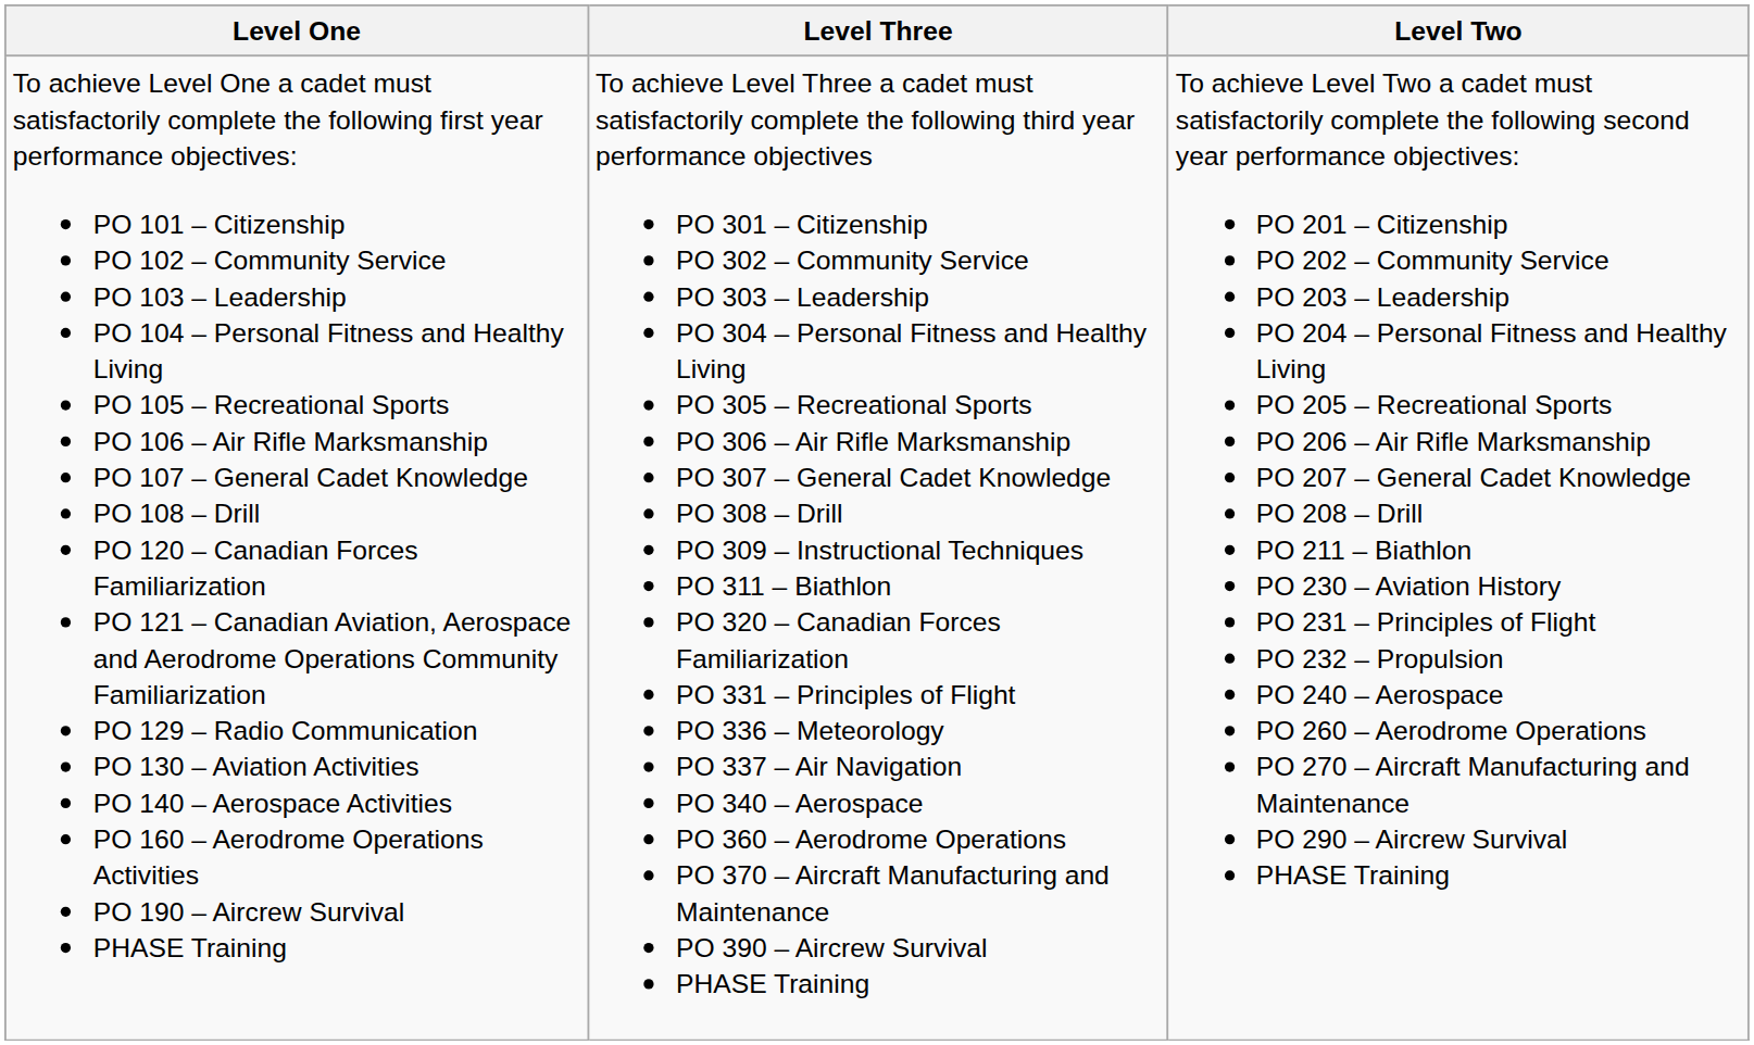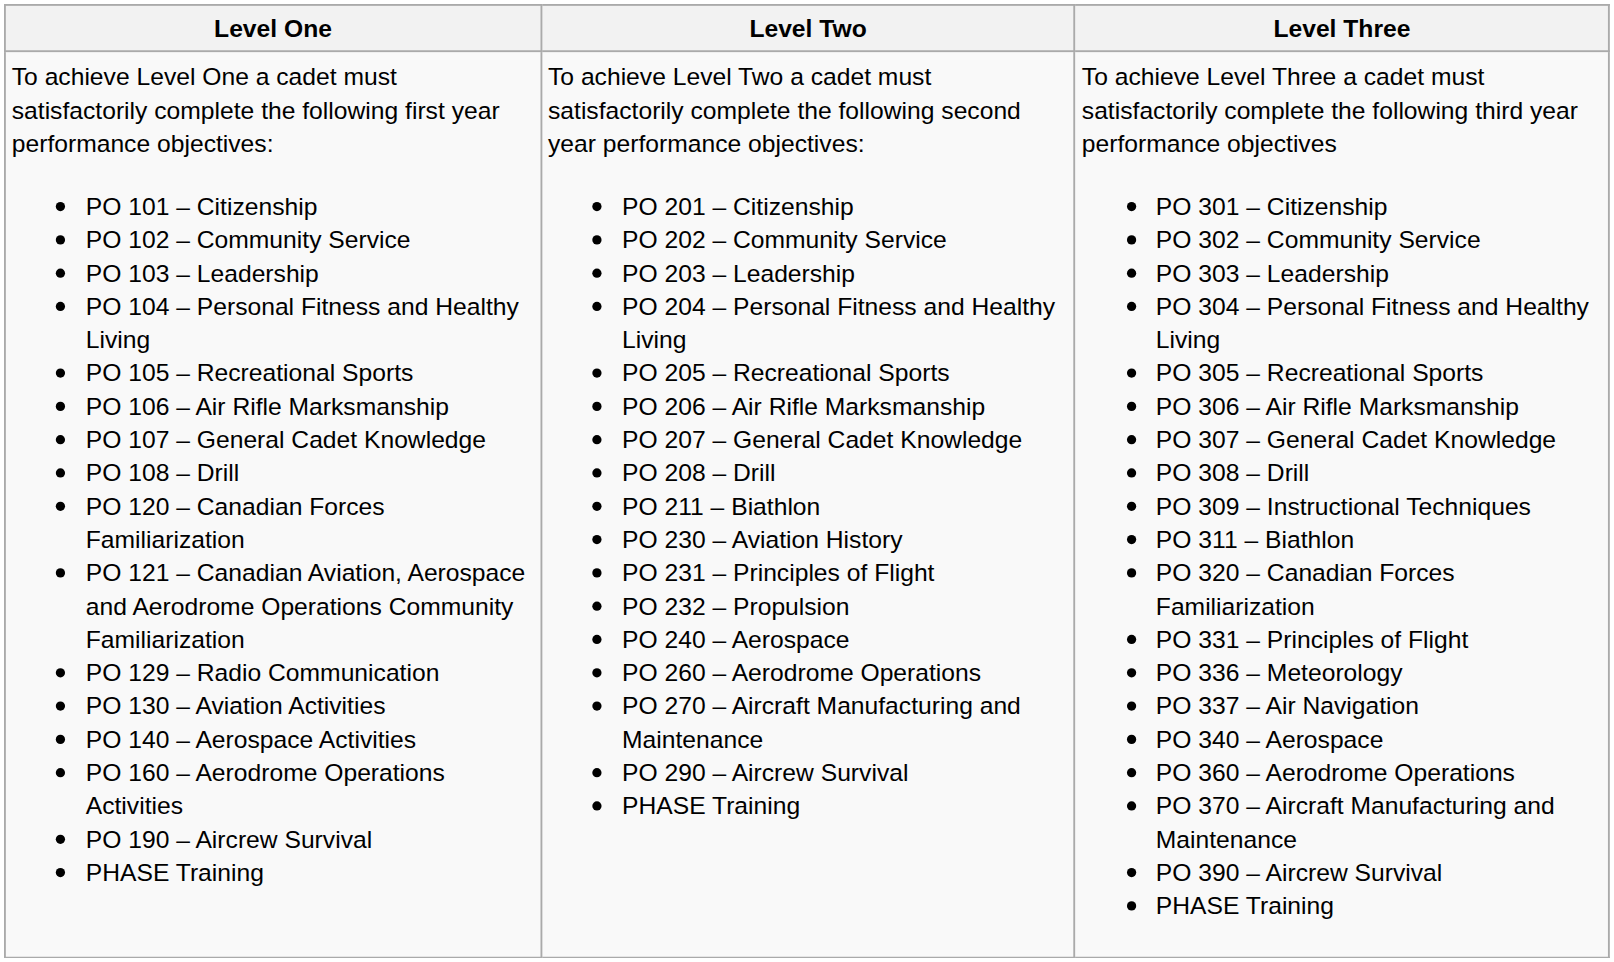 <table class="wikitable">
 <tr>
 <th style="text-align:center; width:325px;"><small>Level One</small></th>
+<th style="width:325px;"><small>Level Two</small></th>
 <th style="width:325px;"><small>Level Three</small></th>
-<th style="width:325px;"><small>Level Two</small></th>
 </tr>
 <tr>
 <td valign="top"><small> To achieve Level One a cadet must satisfactorily complete the following first year performance objectives:</small><br><ul><li><small>PO 101 – Citizenship</small></li><li><small>PO 102 – Community Service</small></li><li><small>PO 103 – Leadership</small></li><li><small>PO 104 – Personal Fitness and Healthy Living</small></li><li><small>PO 105 – Recreational Sports</small></li><li><small>PO 106 – Air Rifle Marksmanship</small></li><li><small>PO 107 – General Cadet Knowledge</small></li><li><small>PO 108 – Drill</small></li><li><small>PO 120 – Canadian Forces Familiarization</small></li><li><small>PO 121 – Canadian Aviation, Aerospace and Aerodrome Operations Community Familiarization</small></li><li><small>PO 129 – Radio Communication</small></li><li><small>PO 130 – Aviation Activities</small></li><li><small>PO 140 – Aerospace Activities</small></li><li><small>PO 160 – Aerodrome Operations Activities</small></li><li><small>PO 190 – Aircrew Survival</small></li><li><small>PHASE Training</small></li></ul></td>
+<td valign="top"><small>To achieve Level Two a cadet must satisfactorily complete the following second year performance objectives:</small><br><ul><li><small>PO 201 – Citizenship</small></li><li><small>PO 202 – Community Service</small></li><li><small>PO 203 – Leadership</small></li><li><small>PO 204 – Personal Fitness and Healthy Living</small></li><li><small>PO 205 – Recreational Sports</small></li><li><small>PO 206 – Air Rifle Marksmanship</small></li><li><small>PO 207 – General Cadet Knowledge</small></li><li><small>PO 208 – Drill</small></li><li><small>PO 211 – Biathlon</small></li><li><small>PO 230 – Aviation History</small></li><li><small>PO 231 – Principles of Flight</small></li><li><small>PO 232 – Propulsion</small></li><li><small>PO 240 – Aerospace</small></li><li><small>PO 260 – Aerodrome Operations</small></li><li><small>PO 270 – Aircraft Manufacturing and Maintenance</small></li><li><small>PO 290 – Aircrew Survival</small></li><li><small>PHASE Training</small></li></ul></td>
 <td valign="top"><small>To achieve Level Three a cadet must satisfactorily complete the following third year performance objectives</small><br><ul><li><small>PO 301 – Citizenship</small></li><li><small>PO 302 – Community Service</small></li><li><small>PO 303 – Leadership</small></li><li><small>PO 304 – Personal Fitness and Healthy Living</small></li><li><small>PO 305 – Recreational Sports</small></li><li><small>PO 306 – Air Rifle Marksmanship</small></li><li><small>PO 307 – General Cadet Knowledge</small></li><li><small>PO 308 – Drill</small></li><li><small>PO 309 – Instructional Techniques</small></li><li><small>PO 311 – Biathlon</small></li><li><small>PO 320 – Canadian Forces Familiarization</small></li><li><small>PO 331 – Principles of Flight</small></li><li><small>PO 336 – Meteorology</small></li><li><small>PO 337 – Air Navigation</small></li><li><small>PO 340 – Aerospace</small></li><li><small>PO 360 – Aerodrome Operations</small></li><li><small>PO 370 – Aircraft Manufacturing and Maintenance</small></li><li><small>PO 390 – Aircrew Survival</small></li><li><small>PHASE Training</small></li></ul></td>
-<td valign="top"><small>To achieve Level Two a cadet must satisfactorily complete the following second year performance objectives:</small><br><ul><li><small>PO 201 – Citizenship</small></li><li><small>PO 202 – Community Service</small></li><li><small>PO 203 – Leadership</small></li><li><small>PO 204 – Personal Fitness and Healthy Living</small></li><li><small>PO 205 – Recreational Sports</small></li><li><small>PO 206 – Air Rifle Marksmanship</small></li><li><small>PO 207 – General Cadet Knowledge</small></li><li><small>PO 208 – Drill</small></li><li><small>PO 211 – Biathlon</small></li><li><small>PO 230 – Aviation History</small></li><li><small>PO 231 – Principles of Flight</small></li><li><small>PO 232 – Propulsion</small></li><li><small>PO 240 – Aerospace</small></li><li><small>PO 260 – Aerodrome Operations</small></li><li><small>PO 270 – Aircraft Manufacturing and Maintenance</small></li><li><small>PO 290 – Aircrew Survival</small></li><li><small>PHASE Training</small></li></ul></td>
 </tr>
 </table>
